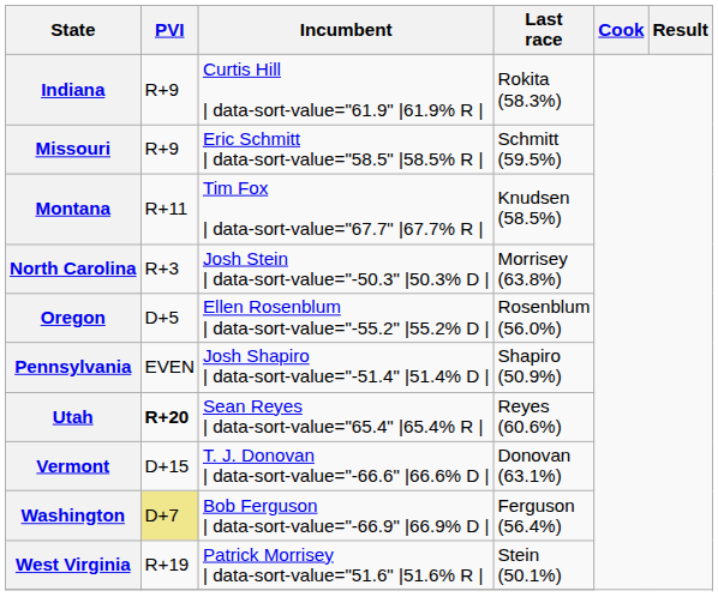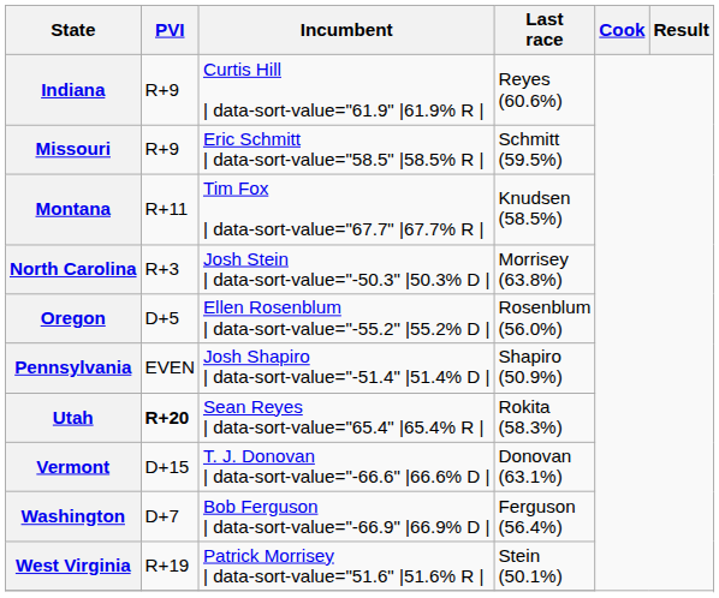 <table class="wikitable sortable" style="font-size:%;">
 <tr>
 <th>State</th>
 <th><a href='#'>PVI</a></th>
 <th>Incumbent</th>
 <th>Last<br>race</th>
 <th scope="col"><a href='#'>Cook</a><br></th>
 <th>Result</th>
 </tr>
 <tr>
 <th><a href='#'>Indiana</a></th>
 <td>R+9</td>
 <td><a href='#'>Curtis Hill</a><br><br>|  data-sort-value="61.9" |61.9% R |</td>
-<td>Rokita<br>(58.3%)</td>
+<td>Reyes<br>(60.6%)</td>
 </tr>
 <tr>
 <th><a href='#'>Missouri</a></th>
 <td>R+9</td>
 <td><a href='#'>Eric Schmitt</a><br>|  data-sort-value="58.5" |58.5% R |</td>
 <td>Schmitt<br>(59.5%)</td>
 </tr>
 <tr>
 <th><a href='#'>Montana</a></th>
 <td>R+11</td>
 <td><a href='#'>Tim Fox</a><br><br>|  data-sort-value="67.7" |67.7% R |</td>
 <td>Knudsen<br>(58.5%)</td>
 </tr>
 <tr>
 <th><a href='#'>North Carolina</a></th>
 <td>R+3</td>
 <td><a href='#'>Josh Stein</a><br>|  data-sort-value="-50.3" |50.3% D |</td>
 <td>Morrisey<br>(63.8%)</td>
 </tr>
 <tr>
 <th><a href='#'>Oregon</a></th>
 <td>D+5</td>
 <td><a href='#'>Ellen Rosenblum</a><br>|  data-sort-value="-55.2" |55.2% D |</td>
 <td>Rosenblum<br>(56.0%)</td>
 </tr>
 <tr>
 <th><a href='#'>Pennsylvania</a></th>
 <td>EVEN</td>
 <td><a href='#'>Josh Shapiro</a><br>|  data-sort-value="-51.4" |51.4% D |</td>
 <td>Shapiro<br>(50.9%)</td>
 </tr>
 <tr>
 <th><a href='#'>Utah</a></th>
 <td><strong>R+20</strong></td>
 <td><a href='#'>Sean Reyes</a><br>|  data-sort-value="65.4" |65.4% R |</td>
-<td>Reyes<br>(60.6%)</td>
+<td>Rokita<br>(58.3%)</td>
 </tr>
 <tr>
 <th><a href='#'>Vermont</a></th>
 <td>D+15</td>
 <td><a href='#'>T. J. Donovan</a><br>|  data-sort-value="-66.6" |66.6% D |</td>
 <td>Donovan<br>(63.1%)</td>
 </tr>
 <tr>
 <th><a href='#'>Washington</a></th>
-<td style="background: khaki;">D+7</td>
+<td>D+7</td>
 <td><a href='#'>Bob Ferguson</a><br>|  data-sort-value="-66.9" |66.9% D |</td>
 <td>Ferguson<br>(56.4%)</td>
 </tr>
 <tr>
 <th><a href='#'>West Virginia</a></th>
 <td>R+19</td>
 <td><a href='#'>Patrick Morrisey</a><br>|  data-sort-value="51.6" |51.6% R |</td>
 <td>Stein<br>(50.1%)</td>
 </tr>
 <tr>
 </tr>
 </table>
